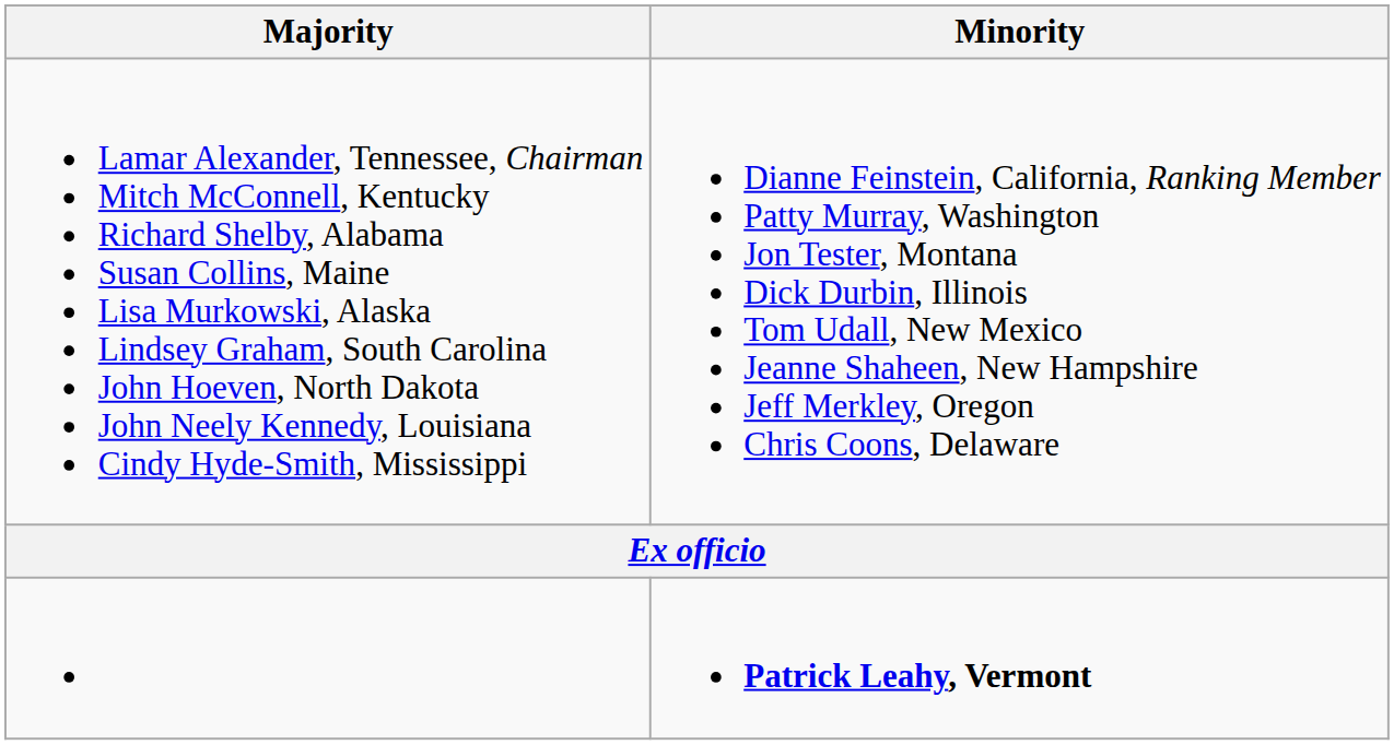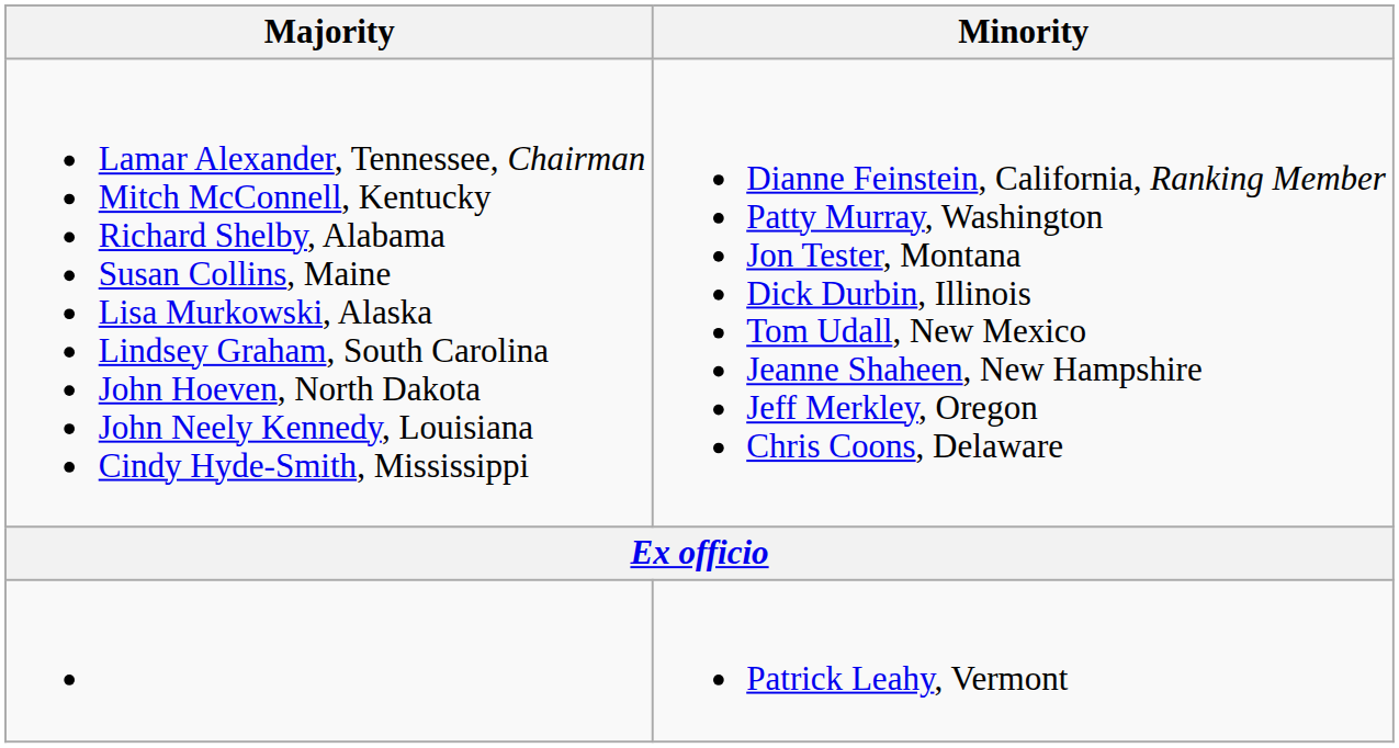 <table class=wikitable>
 <tr>
 <th>Majority</th>
 <th>Minority</th>
 </tr>
 <tr>
 <td><br><ul><li><a href='#'>Lamar Alexander</a>, Tennessee, <em>Chairman</em></li><li><a href='#'>Mitch McConnell</a>, Kentucky</li><li><a href='#'>Richard Shelby</a>, Alabama</li><li><a href='#'>Susan Collins</a>, Maine</li><li><a href='#'>Lisa Murkowski</a>, Alaska</li><li><a href='#'>Lindsey Graham</a>, South Carolina</li><li><a href='#'>John Hoeven</a>, North Dakota</li><li><a href='#'>John Neely Kennedy</a>, Louisiana</li><li><a href='#'>Cindy Hyde-Smith</a>, Mississippi</li></ul></td>
 <td><br><ul><li><a href='#'>Dianne Feinstein</a>, California, <em>Ranking Member</em></li><li><a href='#'>Patty Murray</a>, Washington</li><li><a href='#'>Jon Tester</a>, Montana</li><li><a href='#'>Dick Durbin</a>, Illinois</li><li><a href='#'>Tom Udall</a>, New Mexico</li><li><a href='#'>Jeanne Shaheen</a>, New Hampshire</li><li><a href='#'>Jeff Merkley</a>, Oregon</li><li><a href='#'>Chris Coons</a>, Delaware</li></ul></td>
 </tr>
 <tr>
 <th colspan=2 align=center><em><a href='#'>Ex officio</a></em></th>
 </tr>
 <tr>
 <td><br><ul><li></li></ul></td>
-<td><strong><br><ul><li><a href='#'>Patrick Leahy</a>, Vermont</li></ul></strong></td>
+<td><br><ul><li><a href='#'>Patrick Leahy</a>, Vermont</li></ul></td>
 </tr>
 </table>
